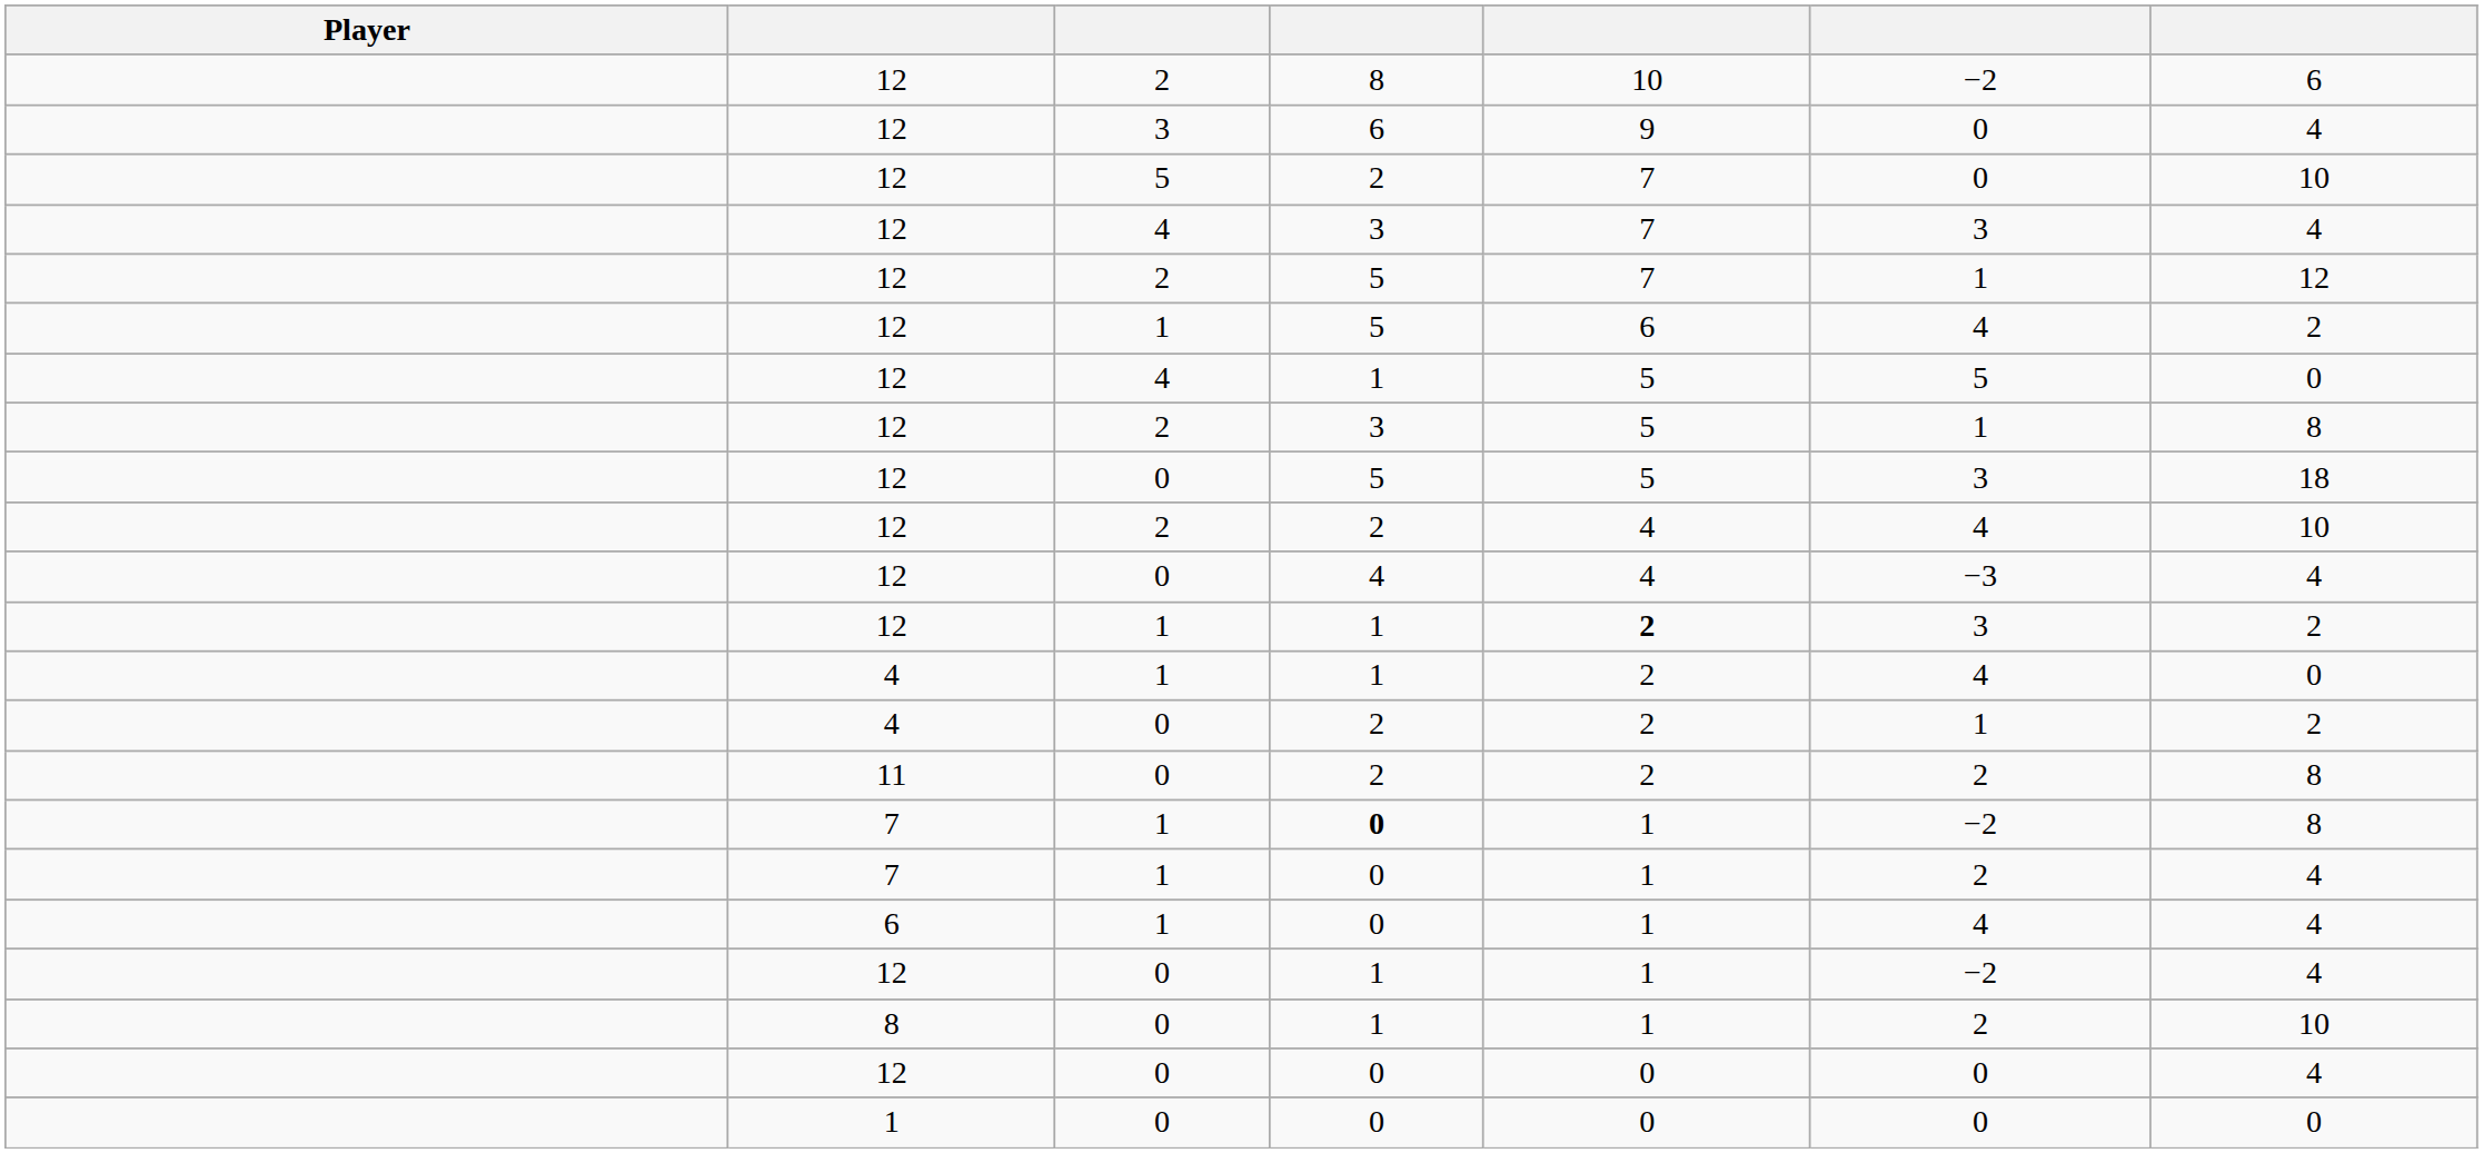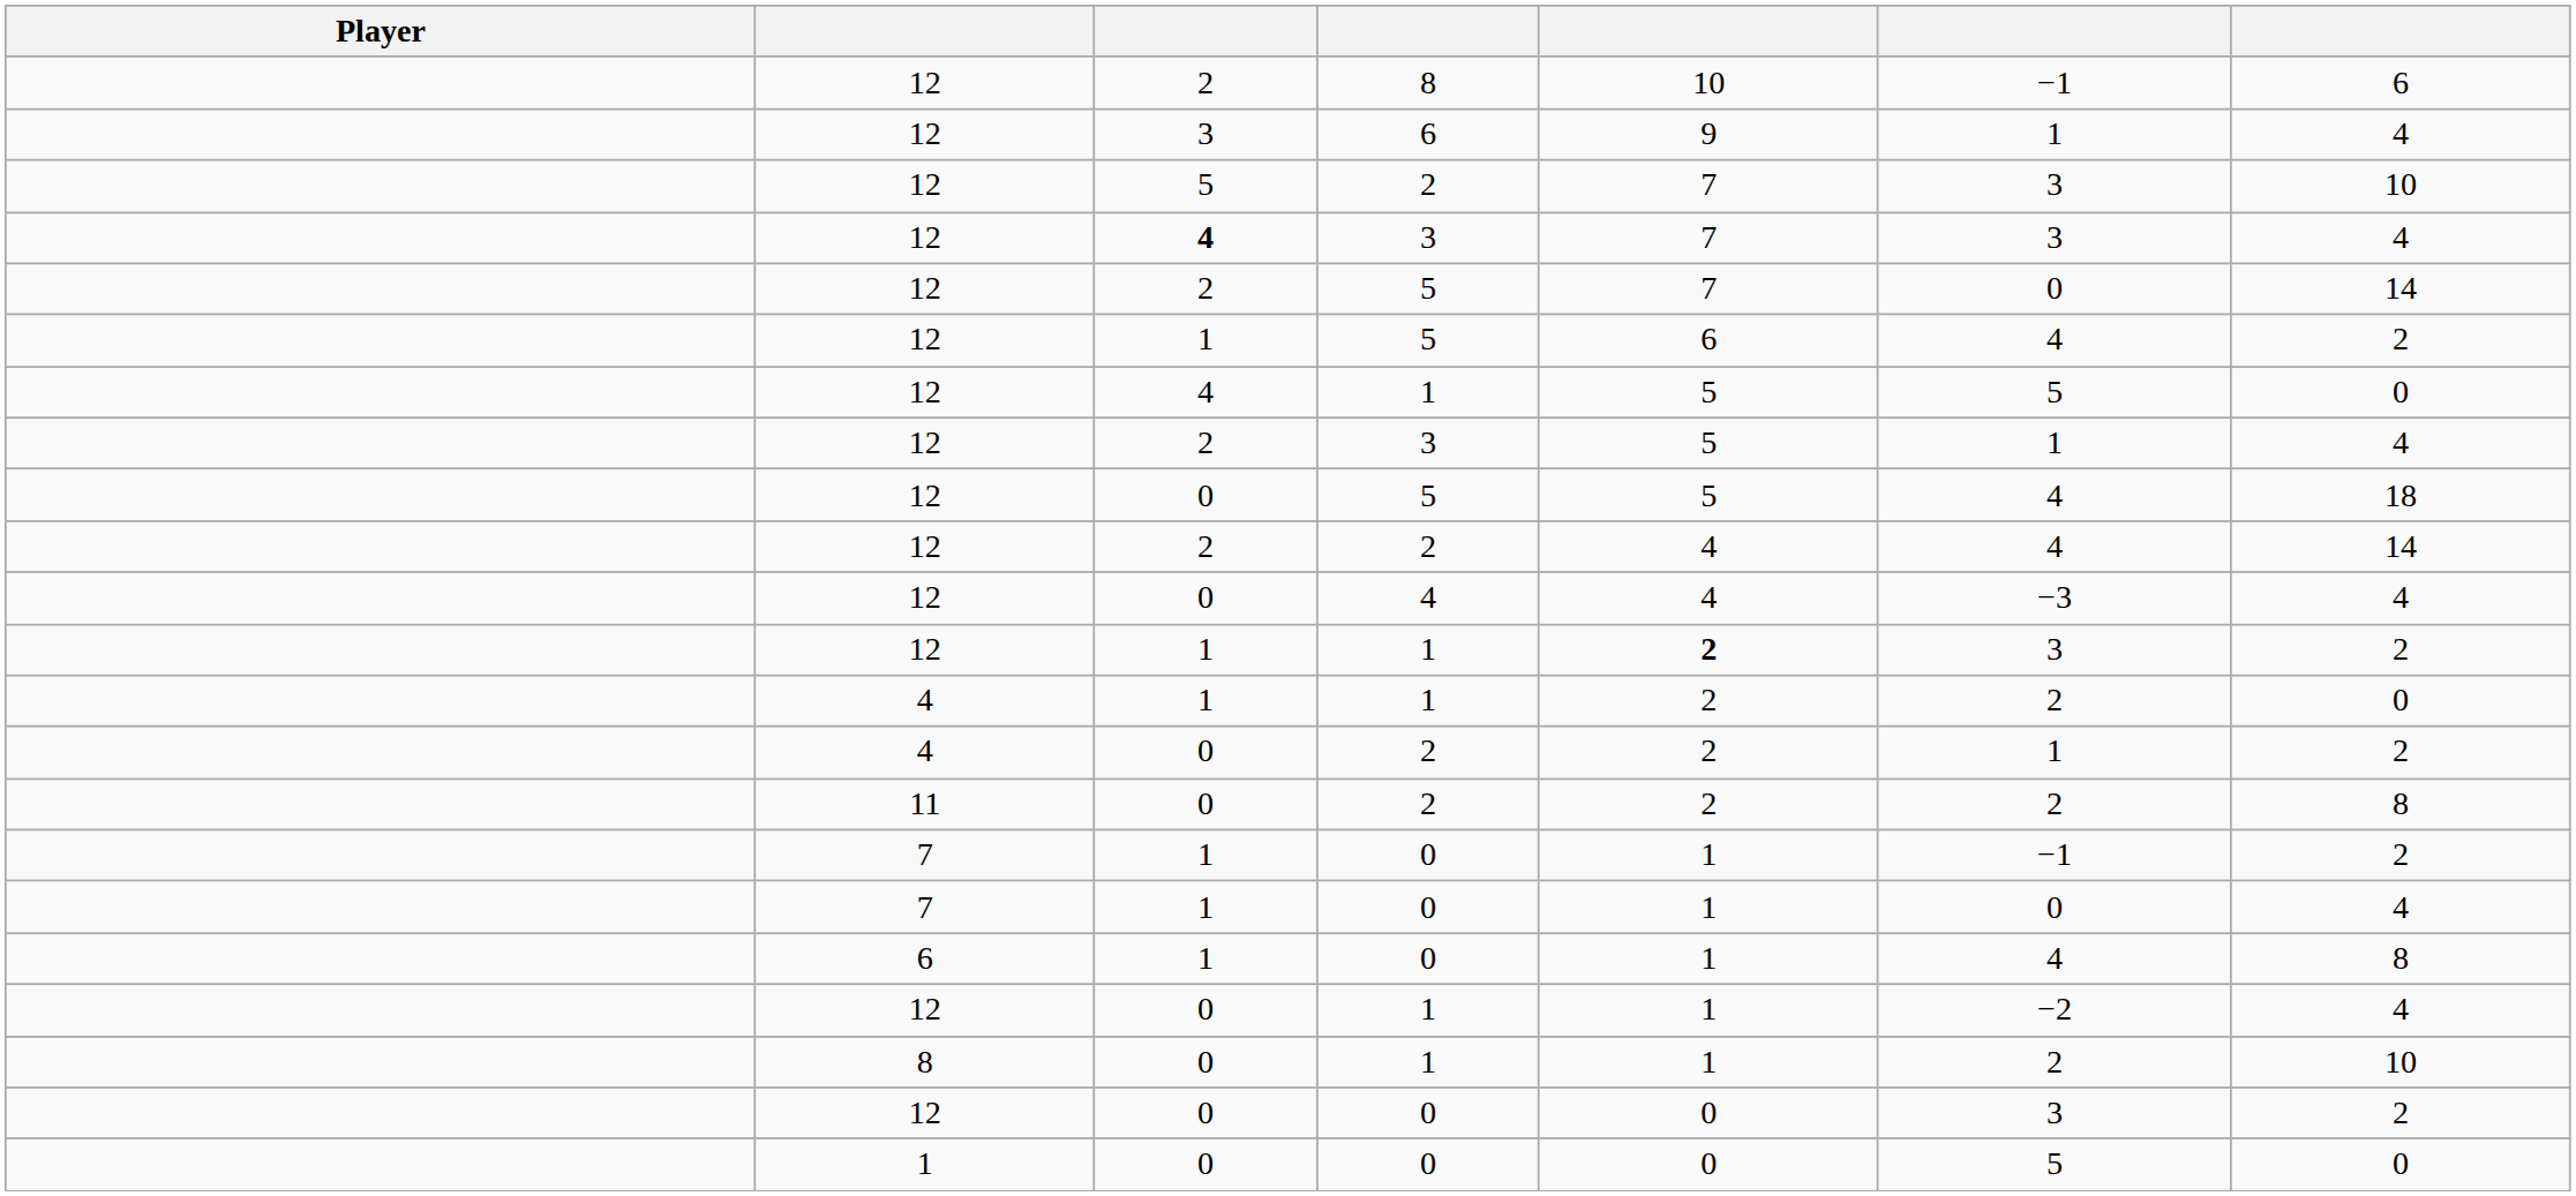 <table class="wikitable sortable" style="width:100%; text-align:center;">
 <tr>
 <th>Player</th>
 <th></th>
 <th></th>
 <th></th>
 <th></th>
 <th data-sort-type="number"></th>
 <th></th>
 </tr>
 <tr>
 <td></td>
 <td>12</td>
 <td>2</td>
 <td>8</td>
 <td>10</td>
-<td>−2</td>
+<td>−1</td>
 <td>6</td>
 </tr>
 <tr>
 <td></td>
 <td>12</td>
 <td>3</td>
 <td>6</td>
 <td>9</td>
-<td>0</td>
+<td>1</td>
 <td>4</td>
 </tr>
 <tr>
 <td></td>
 <td>12</td>
 <td>5</td>
 <td>2</td>
 <td>7</td>
-<td>0</td>
+<td>3</td>
 <td>10</td>
 </tr>
 <tr>
 <td></td>
 <td>12</td>
-<td>4</td>
+<td><strong>4</strong></td>
 <td>3</td>
 <td>7</td>
 <td>3</td>
 <td>4</td>
 </tr>
 <tr>
 <td></td>
 <td>12</td>
 <td>2</td>
 <td>5</td>
 <td>7</td>
-<td>1</td>
-<td>12</td>
+<td>0</td>
+<td>14</td>
 </tr>
 <tr>
 <td></td>
 <td>12</td>
 <td>1</td>
 <td>5</td>
 <td>6</td>
 <td>4</td>
 <td>2</td>
 </tr>
 <tr>
 <td></td>
 <td>12</td>
 <td>4</td>
 <td>1</td>
 <td>5</td>
 <td>5</td>
 <td>0</td>
 </tr>
 <tr>
 <td></td>
 <td>12</td>
 <td>2</td>
 <td>3</td>
 <td>5</td>
 <td>1</td>
-<td>8</td>
+<td>4</td>
 </tr>
 <tr>
 <td></td>
 <td>12</td>
 <td>0</td>
 <td>5</td>
 <td>5</td>
-<td>3</td>
+<td>4</td>
 <td>18</td>
 </tr>
 <tr>
 <td></td>
 <td>12</td>
 <td>2</td>
 <td>2</td>
 <td>4</td>
 <td>4</td>
-<td>10</td>
+<td>14</td>
 </tr>
 <tr>
 <td></td>
 <td>12</td>
 <td>0</td>
 <td>4</td>
 <td>4</td>
 <td>−3</td>
 <td>4</td>
 </tr>
 <tr>
 <td></td>
 <td>12</td>
 <td>1</td>
 <td>1</td>
 <td><strong>2</strong></td>
 <td>3</td>
 <td>2</td>
 </tr>
 <tr>
 <td></td>
 <td>4</td>
 <td>1</td>
 <td>1</td>
 <td>2</td>
-<td>4</td>
+<td>2</td>
 <td>0</td>
 </tr>
 <tr>
 <td></td>
 <td>4</td>
 <td>0</td>
 <td>2</td>
 <td>2</td>
 <td>1</td>
 <td>2</td>
 </tr>
 <tr>
 <td></td>
 <td>11</td>
 <td>0</td>
 <td>2</td>
 <td>2</td>
 <td>2</td>
 <td>8</td>
 </tr>
 <tr>
 <td></td>
 <td>7</td>
 <td>1</td>
-<td><strong>0</strong></td>
+<td>0</td>
 <td>1</td>
-<td>−2</td>
-<td>8</td>
+<td>−1</td>
+<td>2</td>
 </tr>
 <tr>
 <td></td>
 <td>7</td>
 <td>1</td>
 <td>0</td>
 <td>1</td>
-<td>2</td>
+<td>0</td>
 <td>4</td>
 </tr>
 <tr>
 <td></td>
 <td>6</td>
 <td>1</td>
 <td>0</td>
 <td>1</td>
 <td>4</td>
-<td>4</td>
+<td>8</td>
 </tr>
 <tr>
 <td></td>
 <td>12</td>
 <td>0</td>
 <td>1</td>
 <td>1</td>
 <td>−2</td>
 <td>4</td>
 </tr>
 <tr>
 <td></td>
 <td>8</td>
 <td>0</td>
 <td>1</td>
 <td>1</td>
 <td>2</td>
 <td>10</td>
 </tr>
 <tr>
 <td></td>
 <td>12</td>
 <td>0</td>
 <td>0</td>
 <td>0</td>
-<td>0</td>
-<td>4</td>
+<td>3</td>
+<td>2</td>
 </tr>
 <tr>
 <td></td>
 <td>1</td>
 <td>0</td>
 <td>0</td>
 <td>0</td>
-<td>0</td>
+<td>5</td>
 <td>0</td>
 </tr>
 </table>
